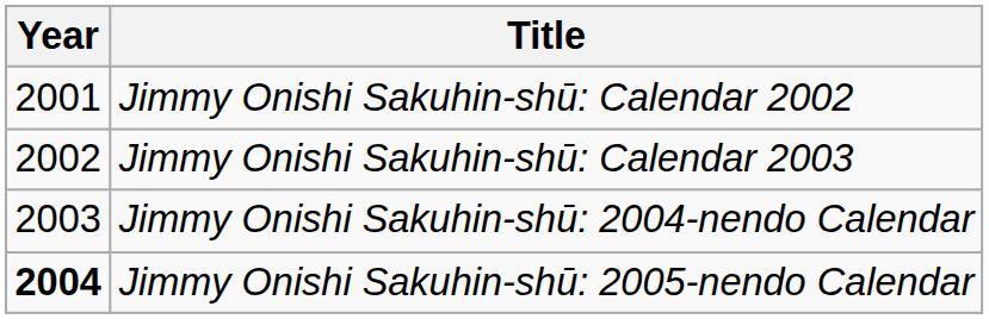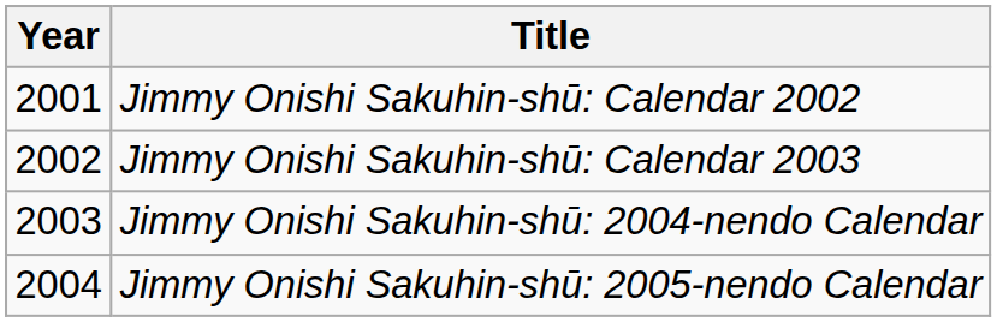 <table class="wikitable">
 <tr>
 <th>Year</th>
 <th>Title</th>
 </tr>
 <tr>
 <td>2001</td>
 <td><em>Jimmy Onishi Sakuhin-shū: Calendar 2002</em></td>
 </tr>
 <tr>
 <td>2002</td>
 <td><em>Jimmy Onishi Sakuhin-shū: Calendar 2003</em></td>
 </tr>
 <tr>
 <td>2003</td>
 <td><em>Jimmy Onishi Sakuhin-shū: 2004-nendo Calendar</em></td>
 </tr>
 <tr>
-<td><strong>2004</strong></td>
+<td>2004</td>
 <td><em>Jimmy Onishi Sakuhin-shū: 2005-nendo Calendar</em></td>
 </tr>
 </table>
